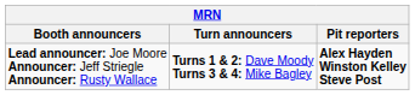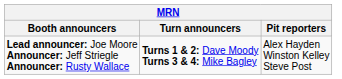 <table class="wikitable" style="font-size: 95%">
 <tr>
 <th colspan="3"><a href='#'>MRN</a></th>
 </tr>
 <tr>
 <th>Booth announcers</th>
 <th>Turn announcers</th>
 <th>Pit reporters</th>
 </tr>
 <tr>
 <td><strong>Lead announcer:</strong> Joe Moore<br><strong>Announcer:</strong> Jeff Striegle<br><strong>Announcer:</strong> <a href='#'>Rusty Wallace</a></td>
 <td><strong>Turns 1 & 2:</strong> <a href='#'>Dave Moody</a><br><strong>Turns 3 & 4:</strong> <a href='#'>Mike Bagley</a></td>
-<td><strong>Alex Hayden<br>Winston Kelley<br>Steve Post</strong></td>
+<td>Alex Hayden<br>Winston Kelley<br>Steve Post</td>
 </tr>
 </table>
